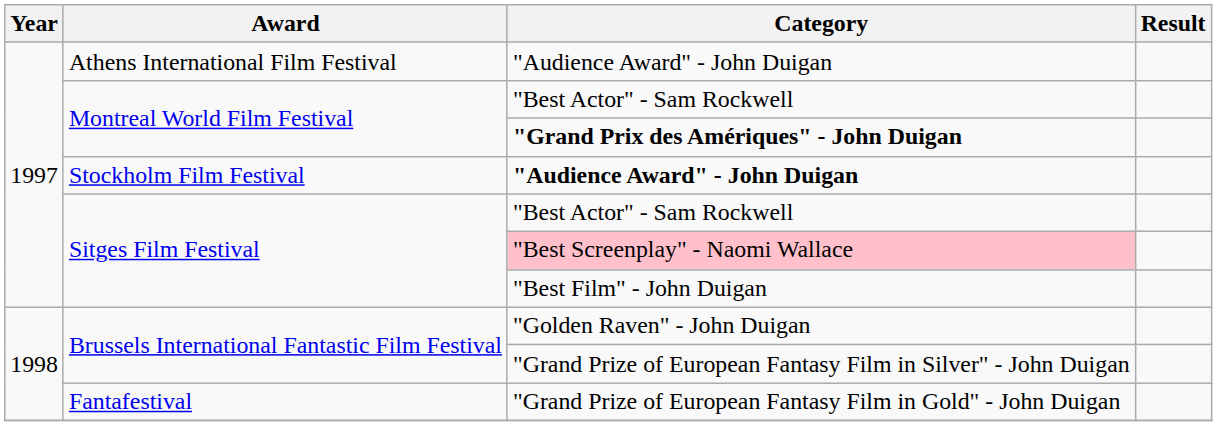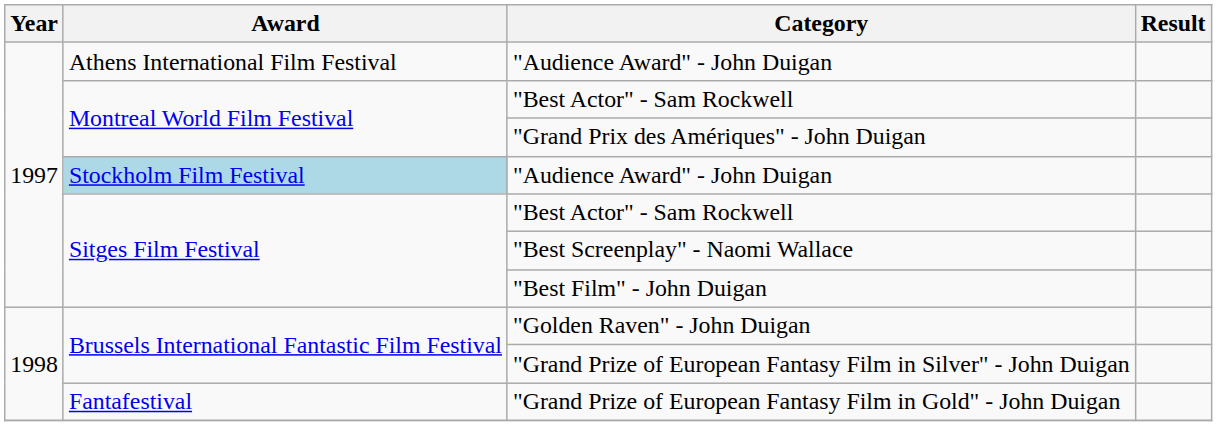 <table class="wikitable">
 <tr>
 <th>Year</th>
 <th>Award</th>
 <th>Category</th>
 <th>Result</th>
 </tr>
 <tr>
 <td rowspan="7">1997</td>
 <td rowspan="1">Athens International Film Festival</td>
 <td>"Audience Award" - John Duigan</td>
 <td></td>
 </tr>
 <tr>
 <td rowspan="2"><a href='#'>Montreal World Film Festival</a></td>
 <td>"Best Actor" - Sam Rockwell</td>
 <td></td>
 </tr>
 <tr>
-<td><strong>"Grand Prix des Amériques" - John Duigan</strong></td>
+<td>"Grand Prix des Amériques" - John Duigan</td>
 <td></td>
 </tr>
 <tr>
-<td rowspan="1"><a href='#'>Stockholm Film Festival</a></td>
-<td><strong>"Audience Award" - John Duigan</strong></td>
+<td rowspan="1" style="background: lightblue;"><a href='#'>Stockholm Film Festival</a></td>
+<td>"Audience Award" - John Duigan</td>
 <td></td>
 </tr>
 <tr>
 <td rowspan="3"><a href='#'>Sitges Film Festival</a></td>
 <td>"Best Actor" - Sam Rockwell</td>
 <td></td>
 </tr>
 <tr>
-<td style="background: pink;">"Best Screenplay" - Naomi Wallace</td>
+<td>"Best Screenplay" - Naomi Wallace</td>
 <td></td>
 </tr>
 <tr>
 <td>"Best Film" - John Duigan</td>
 <td></td>
 </tr>
 <tr>
 <td rowspan="3">1998</td>
 <td rowspan="2"><a href='#'>Brussels International Fantastic Film Festival</a></td>
 <td>"Golden Raven" - John Duigan</td>
 <td></td>
 </tr>
 <tr>
 <td>"Grand Prize of European Fantasy Film in Silver" - John Duigan</td>
 <td></td>
 </tr>
 <tr>
 <td rowspan="1"><a href='#'>Fantafestival</a></td>
 <td>"Grand Prize of European Fantasy Film in Gold" - John Duigan</td>
 <td></td>
 </tr>
 <tr>
 </tr>
 </table>
